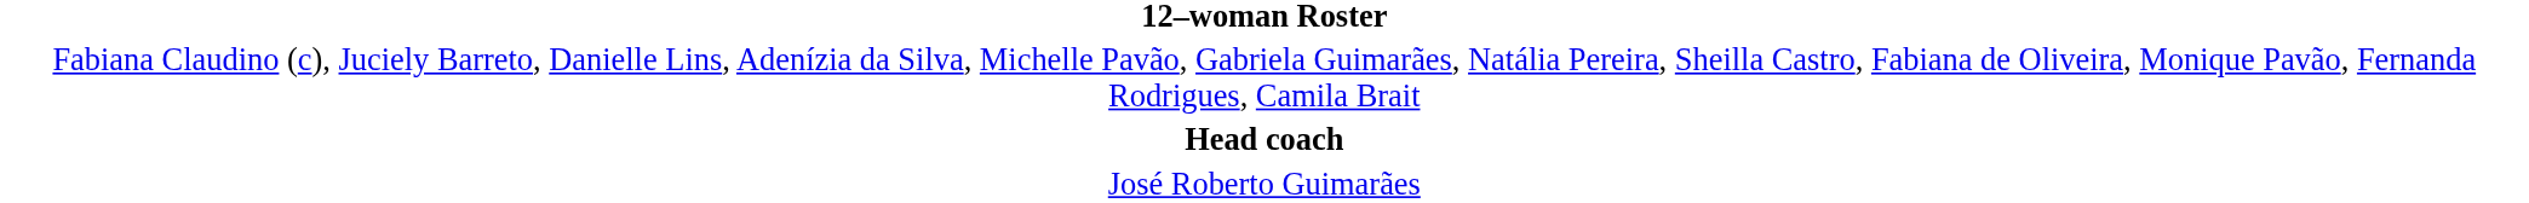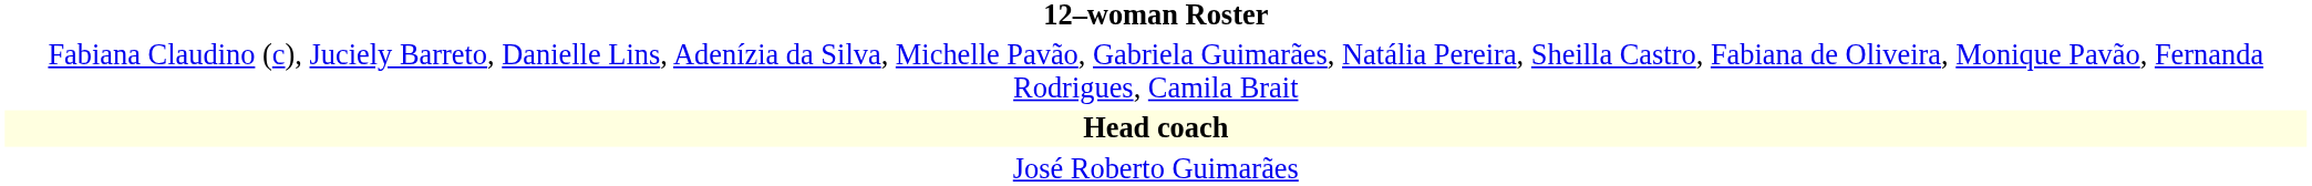 <table style="text-align:center;margin-top:2em;margin-left:auto;margin-right:auto">
 <tr>
 <td><strong>12–woman Roster</strong></td>
 </tr>
 <tr>
 <td><a href='#'>Fabiana Claudino</a> (<a href='#'>c</a>), <a href='#'>Juciely Barreto</a>, <a href='#'>Danielle Lins</a>, <a href='#'>Adenízia da Silva</a>, <a href='#'>Michelle Pavão</a>, <a href='#'>Gabriela Guimarães</a>, <a href='#'>Natália Pereira</a>, <a href='#'>Sheilla Castro</a>, <a href='#'>Fabiana de Oliveira</a>, <a href='#'>Monique Pavão</a>, <a href='#'>Fernanda Rodrigues</a>, <a href='#'>Camila Brait</a></td>
 </tr>
 <tr>
-<td><strong>Head coach</strong></td>
+<td style="background: lightyellow;"><strong>Head coach</strong></td>
 </tr>
 <tr>
 <td><a href='#'>José Roberto Guimarães</a></td>
 </tr>
 </table>
